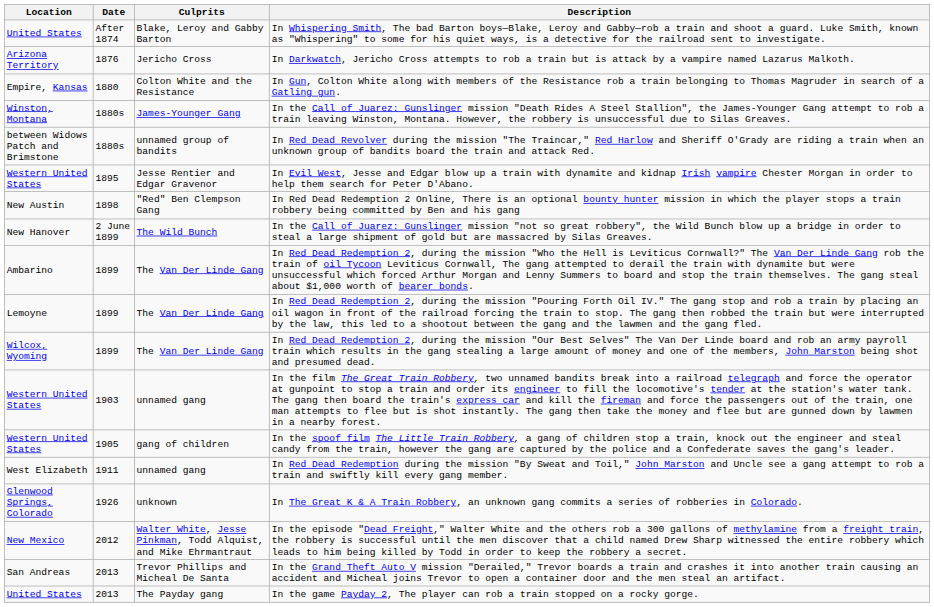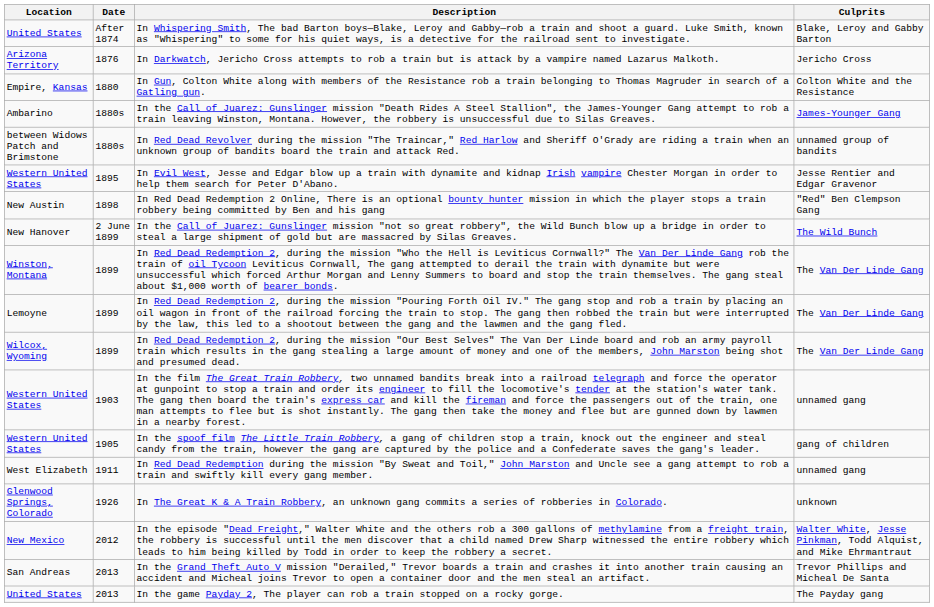 <table class="wikitable">
 <tr>
 <th>Location</th>
 <th>Date</th>
+<th>Description</th>
 <th>Culprits</th>
-<th>Description</th>
 </tr>
 <tr>
 <td><a href='#'>United States</a></td>
 <td>After 1874</td>
+<td>In <a href='#'>Whispering Smith</a>, The bad Barton boys—Blake, Leroy and Gabby—rob a train and shoot a guard. Luke Smith, known as "Whispering" to some for his quiet ways, is a detective for the railroad sent to investigate.</td>
 <td>Blake, Leroy and Gabby Barton</td>
-<td>In <a href='#'>Whispering Smith</a>, The bad Barton boys—Blake, Leroy and Gabby—rob a train and shoot a guard. Luke Smith, known as "Whispering" to some for his quiet ways, is a detective for the railroad sent to investigate.</td>
 </tr>
 <tr>
 <td><a href='#'>Arizona Territory</a></td>
 <td>1876</td>
+<td>In <a href='#'>Darkwatch</a>, Jericho Cross attempts to rob a train but is attack by a vampire named Lazarus Malkoth.</td>
 <td>Jericho Cross</td>
-<td>In <a href='#'>Darkwatch</a>, Jericho Cross attempts to rob a train but is attack by a vampire named Lazarus Malkoth.</td>
 </tr>
 <tr>
 <td>Empire, <a href='#'>Kansas</a></td>
 <td>1880</td>
+<td>In <a href='#'>Gun</a>, Colton White along with members of the Resistance rob a train belonging to Thomas Magruder in search of a <a href='#'>Gatling gun</a>.</td>
 <td>Colton White and the Resistance</td>
-<td>In <a href='#'>Gun</a>, Colton White along with members of the Resistance rob a train belonging to Thomas Magruder in search of a <a href='#'>Gatling gun</a>.</td>
 </tr>
 <tr>
-<td><a href='#'>Winston, Montana</a></td>
+<td>Ambarino</td>
 <td>1880s</td>
+<td>In the <a href='#'>Call of Juarez: Gunslinger</a> mission "Death Rides A Steel Stallion", the James-Younger Gang attempt to rob a train leaving Winston, Montana. However, the robbery is unsuccessful due to Silas Greaves.</td>
 <td><a href='#'>James-Younger Gang</a></td>
-<td>In the <a href='#'>Call of Juarez: Gunslinger</a> mission "Death Rides A Steel Stallion", the James-Younger Gang attempt to rob a train leaving Winston, Montana. However, the robbery is unsuccessful due to Silas Greaves.</td>
 </tr>
 <tr>
 <td>between Widows Patch and Brimstone</td>
 <td>1880s</td>
+<td>In <a href='#'>Red Dead Revolver</a> during the mission "The Traincar," <a href='#'>Red Harlow</a> and Sheriff O'Grady are riding a train when an unknown group of bandits board the train and attack Red.</td>
 <td>unnamed group of bandits</td>
-<td>In <a href='#'>Red Dead Revolver</a> during the mission "The Traincar," <a href='#'>Red Harlow</a> and Sheriff O'Grady are riding a train when an unknown group of bandits board the train and attack Red.</td>
 </tr>
 <tr>
 <td><a href='#'>Western United States</a></td>
 <td>1895</td>
+<td>In <a href='#'>Evil West</a>, Jesse and Edgar blow up a train with dynamite and kidnap <a href='#'>Irish</a> <a href='#'>vampire</a> Chester Morgan in order to help them search for Peter D'Abano.</td>
 <td>Jesse Rentier and Edgar Gravenor</td>
-<td>In <a href='#'>Evil West</a>, Jesse and Edgar blow up a train with dynamite and kidnap <a href='#'>Irish</a> <a href='#'>vampire</a> Chester Morgan in order to help them search for Peter D'Abano.</td>
 </tr>
 <tr>
 <td>New Austin</td>
 <td>1898</td>
+<td>In Red Dead Redemption 2 Online, There is an optional <a href='#'>bounty hunter</a> mission in which the player stops a train robbery being committed by Ben and his gang</td>
 <td>"Red" Ben Clempson Gang</td>
-<td>In Red Dead Redemption 2 Online, There is an optional <a href='#'>bounty hunter</a> mission in which the player stops a train robbery being committed by Ben and his gang</td>
 </tr>
 <tr>
 <td>New Hanover</td>
 <td>2 June 1899</td>
+<td>In the <a href='#'>Call of Juarez: Gunslinger</a> mission "not so great robbery", the Wild Bunch blow up a bridge in order to steal a large shipment of gold but are massacred by Silas Greaves.</td>
 <td><a href='#'>The Wild Bunch</a></td>
-<td>In the <a href='#'>Call of Juarez: Gunslinger</a> mission "not so great robbery", the Wild Bunch blow up a bridge in order to steal a large shipment of gold but are massacred by Silas Greaves.</td>
 </tr>
 <tr>
-<td>Ambarino</td>
+<td><a href='#'>Winston, Montana</a></td>
 <td>1899</td>
+<td>In <a href='#'>Red Dead Redemption 2</a>, during the mission "Who the Hell is Leviticus Cornwall?" The <a href='#'>Van Der Linde Gang</a> rob the train of <a href='#'>oil Tycoon</a> Leviticus Cornwall, The gang attempted to derail the train with dynamite but were unsuccessful which forced Arthur Morgan and Lenny Summers to board and stop the train themselves. The gang steal about $1,000 worth of <a href='#'>bearer bonds</a>.</td>
 <td>The <a href='#'>Van Der Linde Gang</a></td>
-<td>In <a href='#'>Red Dead Redemption 2</a>, during the mission "Who the Hell is Leviticus Cornwall?" The <a href='#'>Van Der Linde Gang</a> rob the train of <a href='#'>oil Tycoon</a> Leviticus Cornwall, The gang attempted to derail the train with dynamite but were unsuccessful which forced Arthur Morgan and Lenny Summers to board and stop the train themselves. The gang steal about $1,000 worth of <a href='#'>bearer bonds</a>.</td>
 </tr>
 <tr>
 <td>Lemoyne</td>
 <td>1899</td>
+<td>In <a href='#'>Red Dead Redemption 2</a>, during the mission "Pouring Forth Oil IV." The gang stop and rob a train by placing an oil wagon in front of the railroad forcing the train to stop. The gang then robbed the train but were interrupted by the law, this led to a shootout between the gang and the lawmen and the gang fled.</td>
 <td>The <a href='#'>Van Der Linde Gang</a></td>
-<td>In <a href='#'>Red Dead Redemption 2</a>, during the mission "Pouring Forth Oil IV." The gang stop and rob a train by placing an oil wagon in front of the railroad forcing the train to stop. The gang then robbed the train but were interrupted by the law, this led to a shootout between the gang and the lawmen and the gang fled.</td>
 </tr>
 <tr>
 <td><a href='#'>Wilcox, Wyoming</a></td>
 <td>1899</td>
+<td>In <a href='#'>Red Dead Redemption 2</a>, during the mission "Our Best Selves" The Van Der Linde board and rob an army payroll train which results in the gang stealing a large amount of money and one of the members, <a href='#'>John Marston</a> being shot and presumed dead.</td>
 <td>The <a href='#'>Van Der Linde Gang</a></td>
-<td>In <a href='#'>Red Dead Redemption 2</a>, during the mission "Our Best Selves" The Van Der Linde board and rob an army payroll train which results in the gang stealing a large amount of money and one of the members, <a href='#'>John Marston</a> being shot and presumed dead.</td>
 </tr>
 <tr>
 <td><a href='#'>Western United States</a></td>
 <td>1903</td>
+<td>In the film <em><a href='#'>The Great Train Robbery</a>,</em> two unnamed bandits break into a railroad <a href='#'>telegraph</a> and force the operator at gunpoint to stop a train and order its <a href='#'>engineer</a> to fill the locomotive's <a href='#'>tender</a> at the station's water tank. The gang then board the train's <a href='#'>express car</a> and kill the <a href='#'>fireman</a> and force the passengers out of the train, one man attempts to flee but is shot instantly. The gang then take the money and flee but are gunned down by lawmen in a nearby forest.</td>
 <td>unnamed gang</td>
-<td>In the film <em><a href='#'>The Great Train Robbery</a>,</em> two unnamed bandits break into a railroad <a href='#'>telegraph</a> and force the operator at gunpoint to stop a train and order its <a href='#'>engineer</a> to fill the locomotive's <a href='#'>tender</a> at the station's water tank. The gang then board the train's <a href='#'>express car</a> and kill the <a href='#'>fireman</a> and force the passengers out of the train, one man attempts to flee but is shot instantly. The gang then take the money and flee but are gunned down by lawmen in a nearby forest.</td>
 </tr>
 <tr>
 <td><a href='#'>Western United States</a></td>
 <td>1905</td>
+<td>In the <a href='#'>spoof film</a> <em><a href='#'>The Little Train Robbery</a>,</em> a gang of children stop a train, knock out the engineer and steal candy from the train, however the gang are captured by the police and a Confederate saves the gang's leader.</td>
 <td>gang of children</td>
-<td>In the <a href='#'>spoof film</a> <em><a href='#'>The Little Train Robbery</a>,</em> a gang of children stop a train, knock out the engineer and steal candy from the train, however the gang are captured by the police and a Confederate saves the gang's leader.</td>
 </tr>
 <tr>
 <td>West Elizabeth</td>
 <td>1911</td>
+<td>In <a href='#'>Red Dead Redemption</a> during the mission "By Sweat and Toil," <a href='#'>John Marston</a> and Uncle see a gang attempt to rob a train and swiftly kill every gang member.</td>
 <td>unnamed gang</td>
-<td>In <a href='#'>Red Dead Redemption</a> during the mission "By Sweat and Toil," <a href='#'>John Marston</a> and Uncle see a gang attempt to rob a train and swiftly kill every gang member.</td>
 </tr>
 <tr>
 <td><a href='#'>Glenwood Springs, Colorado</a></td>
 <td>1926</td>
+<td>In <a href='#'>The Great K & A Train Robbery</a>, an unknown gang commits a series of robberies in <a href='#'>Colorado</a>.</td>
 <td>unknown</td>
-<td>In <a href='#'>The Great K & A Train Robbery</a>, an unknown gang commits a series of robberies in <a href='#'>Colorado</a>.</td>
 </tr>
 <tr>
 <td><a href='#'>New Mexico</a></td>
 <td>2012</td>
+<td>In the episode "<a href='#'>Dead Freight</a>," Walter White and the others rob a 300 gallons of <a href='#'>methylamine</a> from a <a href='#'>freight train</a>, the robbery is successful until the men discover that a child named Drew Sharp witnessed the entire robbery which leads to him being killed by Todd in order to keep the robbery a secret.</td>
 <td><a href='#'>Walter White</a>, <a href='#'>Jesse Pinkman</a>, Todd Alquist, and Mike Ehrmantraut</td>
-<td>In the episode "<a href='#'>Dead Freight</a>," Walter White and the others rob a 300 gallons of <a href='#'>methylamine</a> from a <a href='#'>freight train</a>, the robbery is successful until the men discover that a child named Drew Sharp witnessed the entire robbery which leads to him being killed by Todd in order to keep the robbery a secret.</td>
 </tr>
 <tr>
 <td>San Andreas</td>
 <td>2013</td>
+<td>In the <a href='#'>Grand Theft Auto V</a> mission "Derailed," Trevor boards a train and crashes it into another train causing an accident and Micheal joins Trevor to open a container door and the men steal an artifact.</td>
 <td>Trevor Phillips and Micheal De Santa</td>
-<td>In the <a href='#'>Grand Theft Auto V</a> mission "Derailed," Trevor boards a train and crashes it into another train causing an accident and Micheal joins Trevor to open a container door and the men steal an artifact.</td>
 </tr>
 <tr>
 <td><a href='#'>United States</a></td>
 <td>2013</td>
+<td>In the game <a href='#'>Payday 2</a>, The player can rob a train stopped on a rocky gorge.</td>
 <td>The Payday gang</td>
-<td>In the game <a href='#'>Payday 2</a>, The player can rob a train stopped on a rocky gorge.</td>
 </tr>
 </table>
